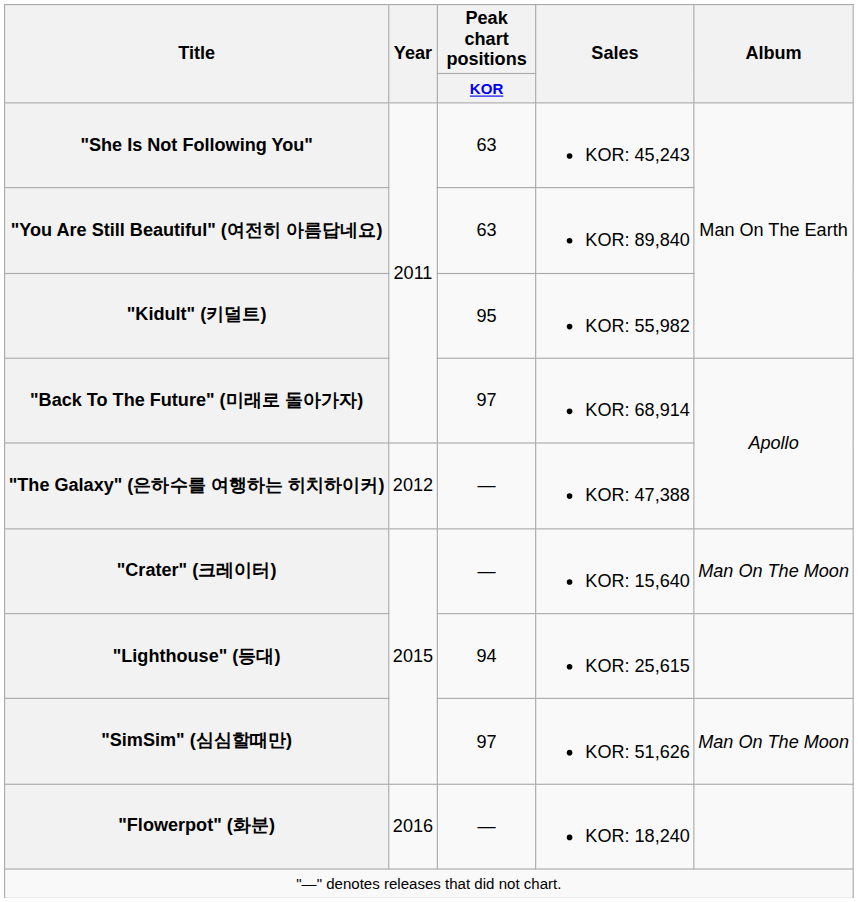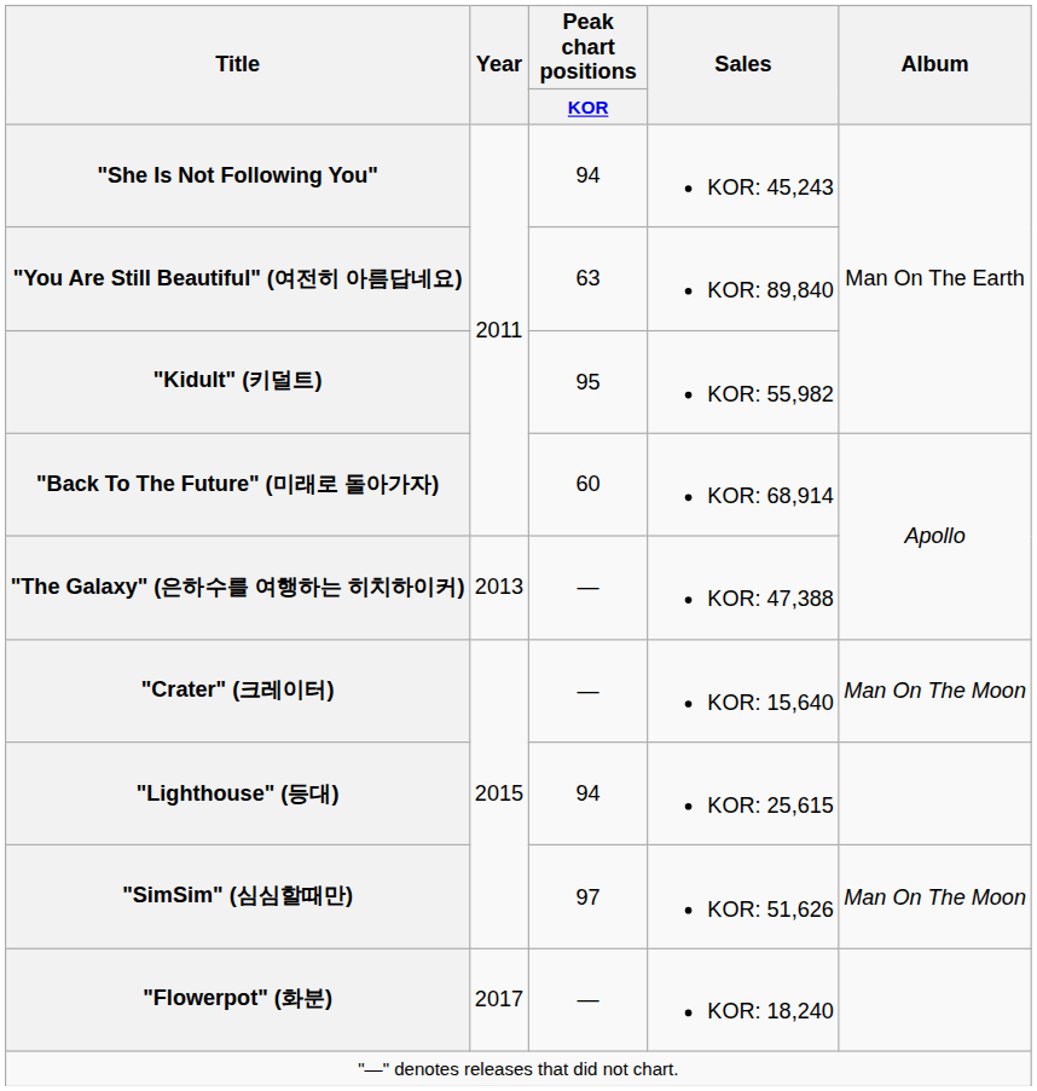 <table class="wikitable plainrowheaders" style="text-align:center;">
 <tr>
 <th scope="col" rowspan="2">Title</th>
 <th scope="col" rowspan="2">Year</th>
 <th scope="col" colspan="1" style="width:5em;">Peak chart positions</th>
 <th scope="col" rowspan="2">Sales</th>
 <th scope="col" rowspan="2">Album</th>
 </tr>
 <tr>
 <th><small><a href='#'>KOR</a></small><br></th>
 </tr>
 <tr>
 <th scope="row">"She Is Not Following You"<br></th>
 <td rowspan="4">2011</td>
-<td>63</td>
+<td>94</td>
 <td><br><ul><li>KOR: 45,243</li></ul></td>
 <td rowspan="3">Man On The Earth</td>
 </tr>
 <tr>
 <th scope="row">"You Are Still Beautiful" (여전히 아름답네요)</th>
 <td>63</td>
 <td><br><ul><li>KOR: 89,840</li></ul></td>
 </tr>
 <tr>
 <th scope="row">"Kidult" (키덜트)<br></th>
 <td>95</td>
 <td><br><ul><li>KOR: 55,982</li></ul></td>
 </tr>
 <tr>
 <th scope="row">"Back To The Future" (미래로 돌아가자)<br></th>
-<td>97</td>
+<td>60</td>
 <td><br><ul><li>KOR: 68,914</li></ul></td>
 <td rowspan="2"><em>Apollo</em></td>
 </tr>
 <tr>
 <th scope="row">"The Galaxy" (은하수를 여행하는 히치하이커)<br></th>
-<td>2012</td>
+<td>2013</td>
 <td>—</td>
 <td><br><ul><li>KOR: 47,388</li></ul></td>
 </tr>
 <tr>
 <th scope="row">"Crater" (크레이터)<br></th>
 <td rowspan="3">2015</td>
 <td>—</td>
 <td><br><ul><li>KOR: 15,640</li></ul></td>
 <td><em>Man On The Moon</em></td>
 </tr>
 <tr>
 <th scope="row">"Lighthouse" (등대)<br></th>
 <td>94</td>
 <td><br><ul><li>KOR: 25,615</li></ul></td>
 </tr>
 <tr>
 <th scope="row">"SimSim" (심심할때만)<br></th>
 <td>97</td>
 <td><br><ul><li>KOR: 51,626</li></ul></td>
 <td><em>Man On The Moon</em></td>
 </tr>
 <tr>
 <th scope="row">"Flowerpot" (화분)<br></th>
-<td>2016</td>
+<td>2017</td>
 <td>—</td>
 <td><br><ul><li>KOR: 18,240</li></ul></td>
 <td></td>
 </tr>
 <tr>
 <td colspan="5" align="center"><small>"—" denotes releases that did not chart.</small></td>
 </tr>
 </table>
